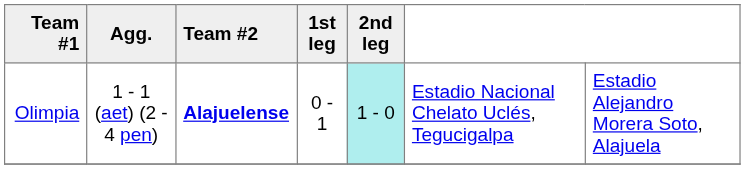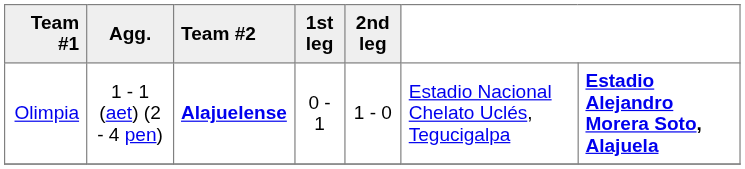 <table border=1 cellspacing=0 cellpadding=6 style="border-collapse: collapse;" width=70%>
 <tr bgcolor="efefef">
 <th align=right>Team #1</th>
 <th>Agg.</th>
 <th align=left>Team #2</th>
 <th>1st leg</th>
 <th>2nd leg</th>
 </tr>
 <tr>
 <td align=right><a href='#'>Olimpia</a> </td>
 <td align=center>1 - 1 (<a href='#'>aet</a>) (2 - 4 <a href='#'>pen</a>)</td>
 <td> <strong><a href='#'>Alajuelense</a></strong></td>
 <td align=center>0 - 1</td>
-<td align=center style="background: paleturquoise;">1 - 0</td>
+<td align=center>1 - 0</td>
 <td><a href='#'>Estadio Nacional Chelato Uclés</a>, <a href='#'>Tegucigalpa</a></td>
-<td><a href='#'>Estadio Alejandro Morera Soto</a>, <a href='#'>Alajuela</a></td>
+<td><strong><a href='#'>Estadio Alejandro Morera Soto</a>, <a href='#'>Alajuela</a></strong></td>
 </tr>
 <tr>
 </tr>
 </table>
